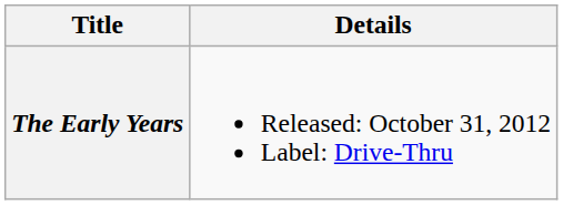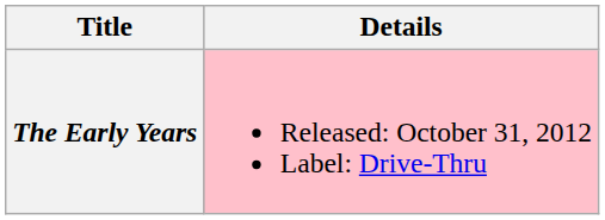 <table class="wikitable plainrowheaders">
 <tr>
 <th scope="col">Title</th>
 <th scope="col">Details</th>
 </tr>
 <tr>
 <th scope="row"><em>The Early Years</em></th>
-<td><br><ul><li>Released: October 31, 2012</li><li>Label: <a href='#'>Drive-Thru</a></li></ul></td>
+<td style="background: pink;"><br><ul><li>Released: October 31, 2012</li><li>Label: <a href='#'>Drive-Thru</a></li></ul></td>
 </tr>
 </table>
